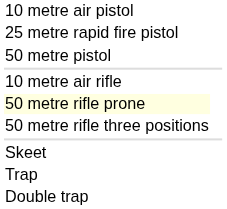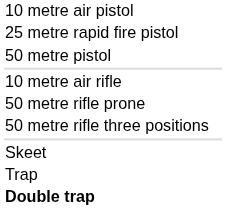 <table>
 <tr>
 <td>10 metre air pistol <br></td>
 <td></td>
 <td></td>
 <td></td>
 </tr>
 <tr>
 <td>25 metre rapid fire pistol <br></td>
 <td></td>
 <td></td>
 <td></td>
 </tr>
 <tr>
 <td>50 metre pistol <br></td>
 <td></td>
 <td></td>
 <td></td>
 </tr>
 <tr bgcolor=#DDDDDD>
 <td colspan=7></td>
 </tr>
 <tr>
 <td>10 metre air rifle <br></td>
 <td></td>
 <td></td>
 <td></td>
 </tr>
 <tr>
-<td style="background: lightyellow;">50 metre rifle prone <br></td>
+<td>50 metre rifle prone <br></td>
 <td></td>
 <td></td>
 <td></td>
 </tr>
 <tr>
 <td>50 metre rifle three positions <br></td>
 <td></td>
 <td></td>
 <td></td>
 </tr>
 <tr bgcolor=#DDDDDD>
 <td colspan=7></td>
 </tr>
 <tr>
 <td>Skeet <br></td>
 <td></td>
 <td></td>
 <td></td>
 </tr>
 <tr>
 <td>Trap <br></td>
 <td></td>
 <td></td>
 <td></td>
 </tr>
 <tr>
-<td>Double trap <br></td>
+<td><strong>Double trap <br></strong></td>
 <td></td>
 <td></td>
 <td></td>
 </tr>
 <tr>
 </tr>
 </table>
